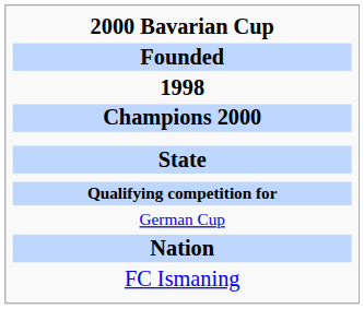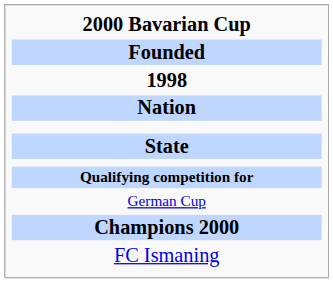 <table class="infobox football" style="width: 16em; text-align: center;">
 <tr>
 <th style="">2000 Bavarian Cup</th>
 </tr>
 <tr>
 <td style="background: #BFD7FF;"><strong>Founded</strong></td>
 </tr>
 <tr>
 <td style=""><strong>1998</strong></td>
 </tr>
 <tr>
-<td style="background: #BFD7FF;"><strong>Champions 2000</strong></td>
+<td style="background: #BFD7FF;"><strong>Nation</strong></td>
 </tr>
 <tr>
 <td style=""></td>
 </tr>
 <tr>
 <td style="line-height: 15px;"></td>
 </tr>
 <tr>
 <td style="background: #BFD7FF;"><strong>State</strong></td>
 </tr>
 <tr>
 <td style=""></td>
 </tr>
 <tr>
 <td style="font-size: 12px; background: #BFD7FF;"><strong>Qualifying competition for</strong></td>
 </tr>
 <tr>
 <td style="font-size: 12px;"><a href='#'>German Cup</a></td>
 </tr>
 <tr>
-<td style="background: #BFD7FF;"><strong>Nation</strong></td>
+<td style="background: #BFD7FF;"><strong>Champions 2000</strong></td>
 </tr>
 <tr>
 <td style=""><a href='#'>FC Ismaning</a></td>
 </tr>
 <tr>
 </tr>
 </table>
